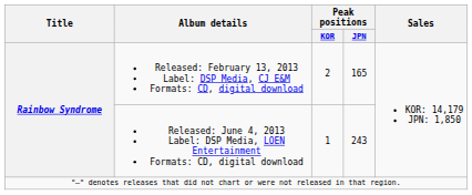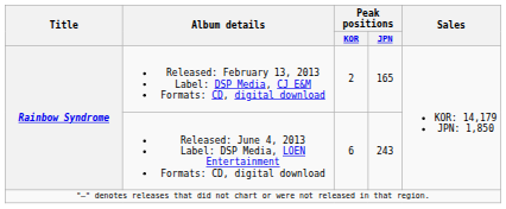 <table class="wikitable plainrowheaders" style="text-align:center;">
 <tr>
 <th scope="col" rowspan="2" style="width:12em;">Title</th>
 <th scope="col" rowspan="2" style="width:22em;">Album details</th>
 <th scope="col" colspan="2">Peak positions</th>
 <th scope="col" rowspan="2" style="width:10em">Sales</th>
 </tr>
 <tr>
 <th scope="col" style="width:3.5em;font-size:90%;"><a href='#'>KOR</a><br></th>
 <th scope="col" style="width:3.5em;font-size:90%;"><a href='#'>JPN</a><br></th>
 </tr>
 <tr>
 <th scope="row" rowspan="2"><em><a href='#'>Rainbow Syndrome</a></em></th>
 <td><br><ul><li>Released: February 13, 2013 </li><li>Label: <a href='#'>DSP Media</a>, <a href='#'>CJ E&M</a></li><li>Formats: <a href='#'>CD</a>, <a href='#'>digital download</a></li></ul></td>
 <td>2</td>
 <td>165</td>
 <td rowspan="2"><br><ul><li>KOR: 14,179</li><li>JPN: 1,850</li></ul></td>
 </tr>
 <tr>
 <td><br><ul><li>Released: June 4, 2013 </li><li>Label: DSP Media, <a href='#'>LOEN Entertainment</a></li><li>Formats: CD, digital download</li></ul></td>
-<td>1</td>
+<td>6</td>
 <td>243</td>
 </tr>
 <tr>
 <td colspan="5" style="font-size:8pt">"—" denotes releases that did not chart or were not released in that region.</td>
 </tr>
 </table>
